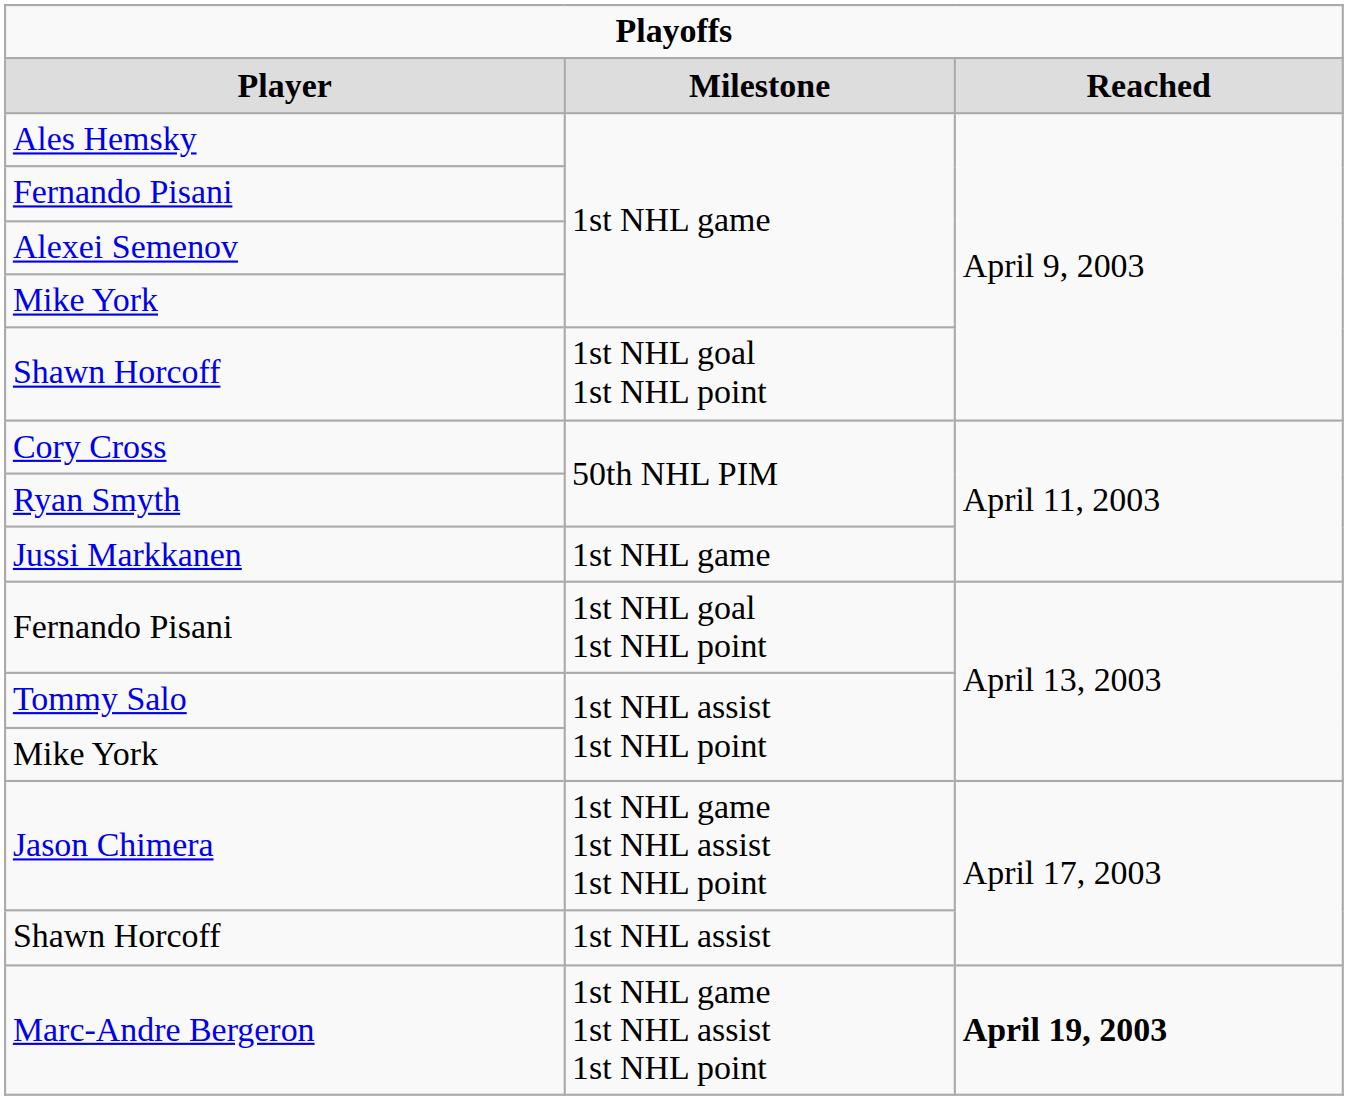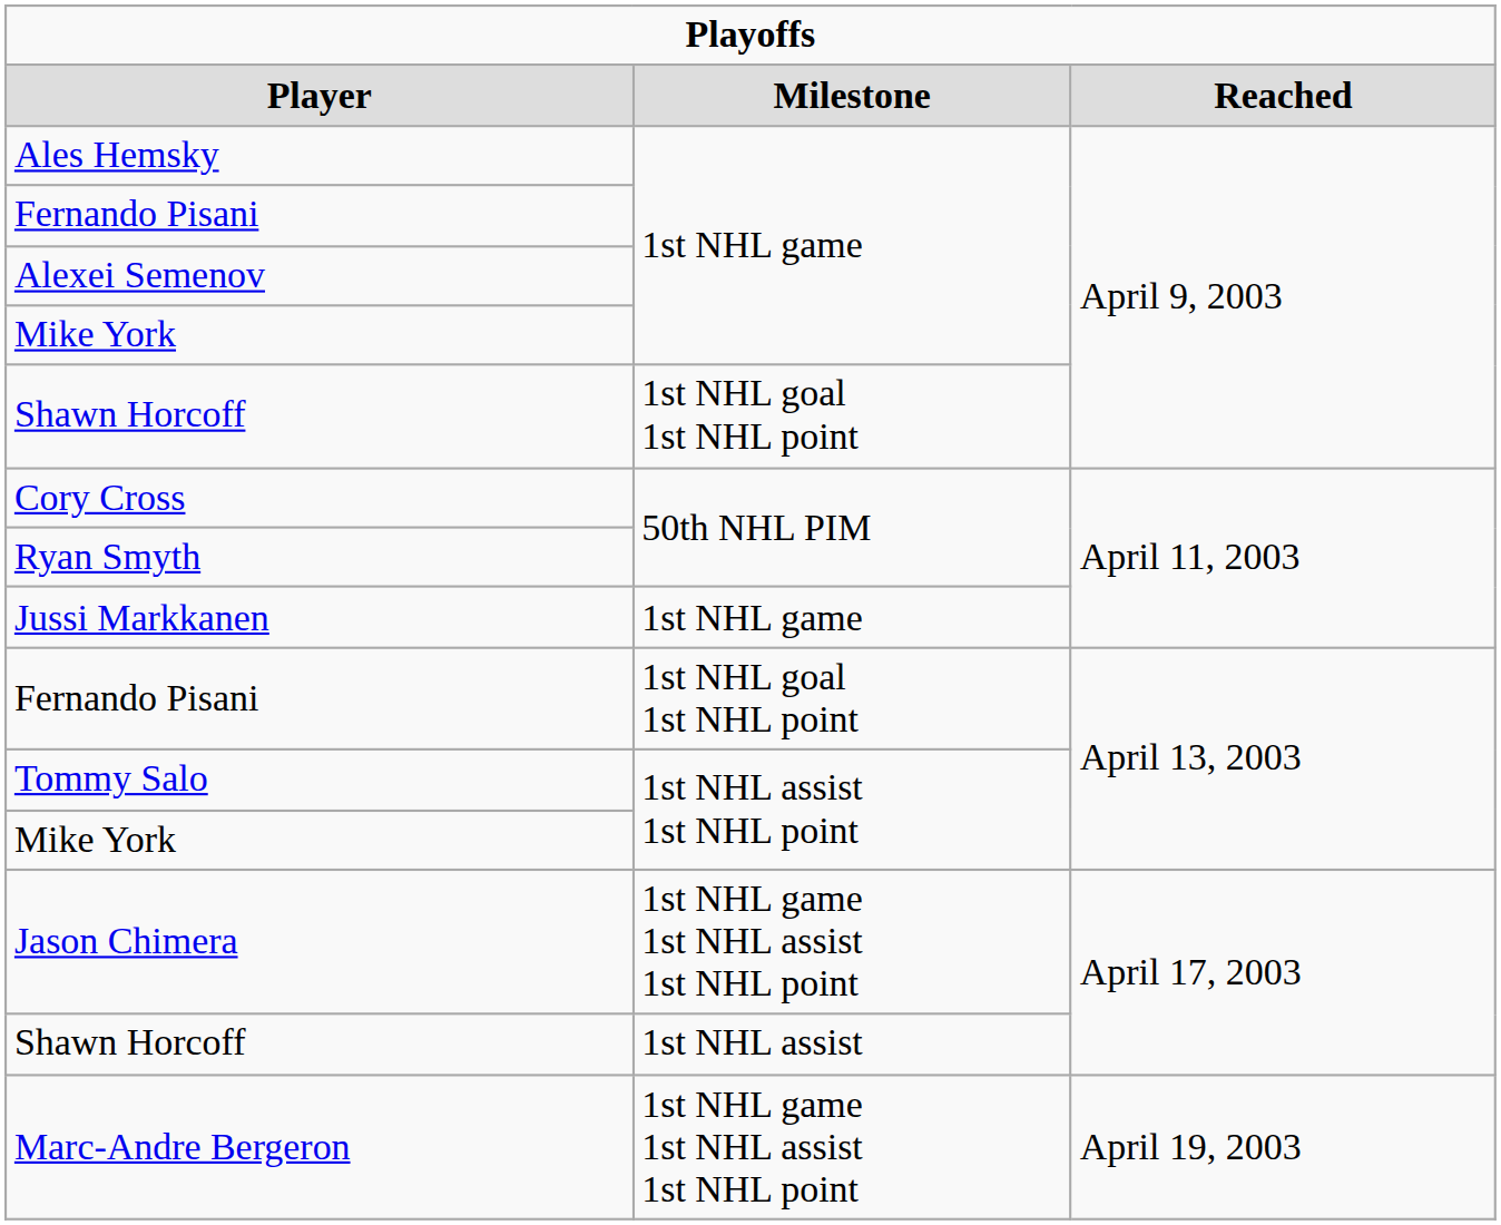 <table class="wikitable" style="width:50%;">
 <tr>
 <td colspan="10" style="text-align:center;"><strong>Playoffs</strong></td>
 </tr>
 <tr style="text-align:center; background:#ddd;">
 <td><strong>Player</strong></td>
 <td><strong>Milestone</strong></td>
 <td><strong>Reached</strong></td>
 </tr>
 <tr>
 <td><a href='#'>Ales Hemsky</a></td>
 <td rowspan="4">1st NHL game</td>
 <td rowspan="5">April 9, 2003</td>
 </tr>
 <tr>
 <td><a href='#'>Fernando Pisani</a></td>
 </tr>
 <tr>
 <td><a href='#'>Alexei Semenov</a></td>
 </tr>
 <tr>
 <td><a href='#'>Mike York</a></td>
 </tr>
 <tr>
 <td><a href='#'>Shawn Horcoff</a></td>
 <td>1st NHL goal<br>1st NHL point</td>
 </tr>
 <tr>
 <td><a href='#'>Cory Cross</a></td>
 <td rowspan="2">50th NHL PIM</td>
 <td rowspan="3">April 11, 2003</td>
 </tr>
 <tr>
 <td><a href='#'>Ryan Smyth</a></td>
 </tr>
 <tr>
 <td><a href='#'>Jussi Markkanen</a></td>
 <td>1st NHL game</td>
 </tr>
 <tr>
 <td>Fernando Pisani</td>
 <td>1st NHL goal<br>1st NHL point</td>
 <td rowspan="3">April 13, 2003</td>
 </tr>
 <tr>
 <td><a href='#'>Tommy Salo</a></td>
 <td rowspan="2">1st NHL assist<br>1st NHL point</td>
 </tr>
 <tr>
 <td>Mike York</td>
 </tr>
 <tr>
 <td><a href='#'>Jason Chimera</a></td>
 <td>1st NHL game<br>1st NHL assist<br>1st NHL point</td>
 <td rowspan="2">April 17, 2003</td>
 </tr>
 <tr>
 <td>Shawn Horcoff</td>
 <td>1st NHL assist</td>
 </tr>
 <tr>
 <td><a href='#'>Marc-Andre Bergeron</a></td>
 <td>1st NHL game<br>1st NHL assist<br>1st NHL point</td>
-<td><strong>April 19, 2003</strong></td>
+<td>April 19, 2003</td>
 </tr>
 </table>
